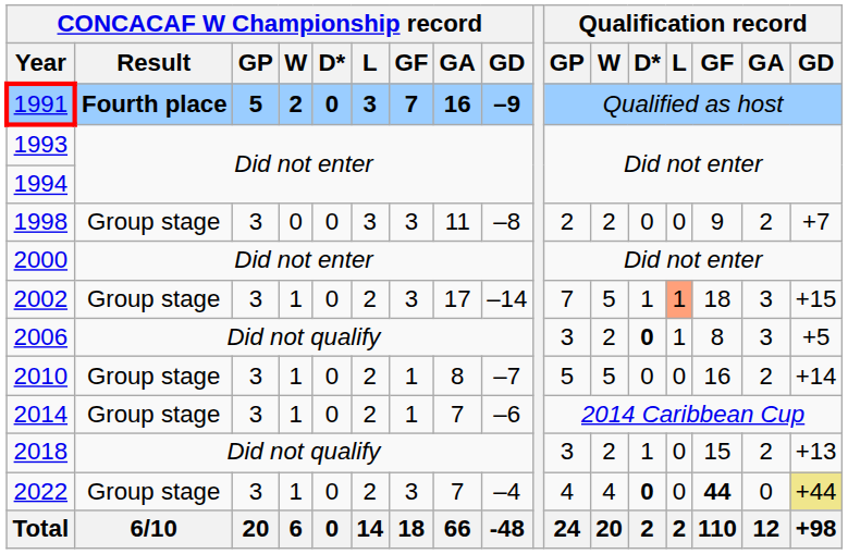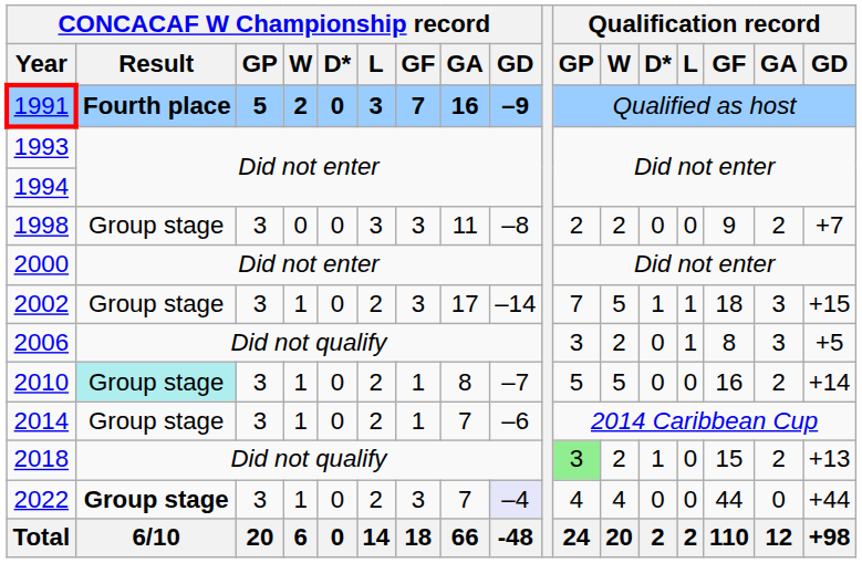 <table class="wikitable" style="text-align: center">
 <tr>
 <th colspan=9><a href='#'>CONCACAF W Championship</a> record</th>
 <th rowspan=14></th>
 <th colspan=8>Qualification record</th>
 </tr>
 <tr>
 <th>Year</th>
 <th>Result</th>
 <th>GP</th>
 <th>W</th>
 <th>D*</th>
 <th>L</th>
 <th>GF</th>
 <th>GA</th>
 <th>GD</th>
 <th>GP</th>
 <th>W</th>
 <th>D*</th>
 <th>L</th>
 <th>GF</th>
 <th>GA</th>
 <th>GD</th>
 </tr>
 <tr style="background:#9acdff">
 <td style="border: 3px solid red"> <a href='#'>1991</a></td>
 <td><strong>Fourth place</strong></td>
 <td><strong>5</strong></td>
 <td><strong>2</strong></td>
 <td><strong>0</strong></td>
 <td><strong>3</strong></td>
 <td><strong>7</strong></td>
 <td><strong>16</strong></td>
 <td><strong>–9</strong></td>
 <td colspan=7><em>Qualified as host</em></td>
 </tr>
 <tr>
 <td> <a href='#'>1993</a></td>
 <td colspan=8 rowspan=2><em>Did not enter</em></td>
 <td colspan=7 rowspan=2><em>Did not enter</em></td>
 </tr>
 <tr>
 <td> <a href='#'>1994</a></td>
 </tr>
 <tr>
 <td> <a href='#'>1998</a></td>
 <td>Group stage</td>
 <td>3</td>
 <td>0</td>
 <td>0</td>
 <td>3</td>
 <td>3</td>
 <td>11</td>
 <td>–8</td>
 <td>2</td>
 <td>2</td>
 <td>0</td>
 <td>0</td>
 <td>9</td>
 <td>2</td>
 <td>+7</td>
 </tr>
 <tr>
 <td> <a href='#'>2000</a></td>
 <td colspan=8><em>Did not enter</em></td>
 <td colspan=7><em>Did not enter</em></td>
 </tr>
 <tr>
 <td> <a href='#'>2002</a></td>
 <td>Group stage</td>
 <td>3</td>
 <td>1</td>
 <td>0</td>
 <td>2</td>
 <td>3</td>
 <td>17</td>
 <td>–14</td>
 <td>7</td>
 <td>5</td>
 <td>1</td>
-<td style="background: lightsalmon;">1</td>
+<td>1</td>
 <td>18</td>
 <td>3</td>
 <td>+15</td>
 </tr>
 <tr>
 <td> <a href='#'>2006</a></td>
 <td colspan=8><em>Did not qualify</em></td>
 <td>3</td>
 <td>2</td>
-<td><strong>0</strong></td>
+<td>0</td>
 <td>1</td>
 <td>8</td>
 <td>3</td>
 <td>+5</td>
 </tr>
 <tr>
 <td> <a href='#'>2010</a></td>
-<td>Group stage</td>
+<td style="background: paleturquoise;">Group stage</td>
 <td>3</td>
 <td>1</td>
 <td>0</td>
 <td>2</td>
 <td>1</td>
 <td>8</td>
 <td>–7</td>
 <td>5</td>
 <td>5</td>
 <td>0</td>
 <td>0</td>
 <td>16</td>
 <td>2</td>
 <td>+14</td>
 </tr>
 <tr>
 <td> <a href='#'>2014</a></td>
 <td>Group stage</td>
 <td>3</td>
 <td>1</td>
 <td>0</td>
 <td>2</td>
 <td>1</td>
 <td>7</td>
 <td>–6</td>
 <td colspan=7><em><a href='#'>2014 Caribbean Cup</a></em></td>
 </tr>
 <tr>
 <td> <a href='#'>2018</a></td>
 <td colspan=8><em>Did not qualify</em></td>
-<td>3</td>
+<td style="background: lightgreen;">3</td>
 <td>2</td>
 <td>1</td>
 <td>0</td>
 <td>15</td>
 <td>2</td>
 <td>+13</td>
 </tr>
 <tr>
 <td> <a href='#'>2022</a></td>
-<td>Group stage</td>
+<td><strong>Group stage</strong></td>
 <td>3</td>
 <td>1</td>
 <td>0</td>
 <td>2</td>
 <td>3</td>
 <td>7</td>
-<td>–4</td>
+<td style="background: lavender;">–4</td>
 <td>4</td>
 <td>4</td>
-<td><strong>0</strong></td>
 <td>0</td>
-<td><strong>44</strong></td>
 <td>0</td>
-<td style="background: khaki;">+44</td>
+<td>44</td>
+<td>0</td>
+<td>+44</td>
 </tr>
 <tr>
 <th>Total</th>
 <th>6/10</th>
 <th>20</th>
 <th>6</th>
 <th>0</th>
 <th>14</th>
 <th>18</th>
 <th>66</th>
 <th>-48</th>
 <th>24</th>
 <th>20</th>
 <th>2</th>
 <th>2</th>
 <th>110</th>
 <th>12</th>
 <th>+98</th>
 </tr>
 </table>
